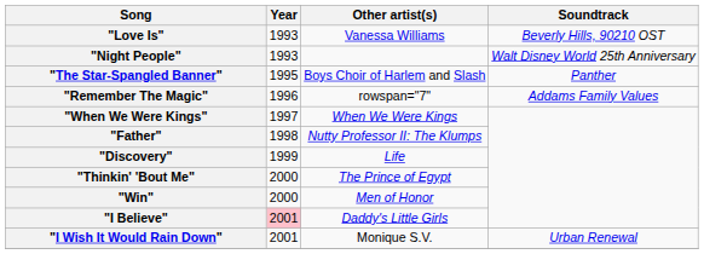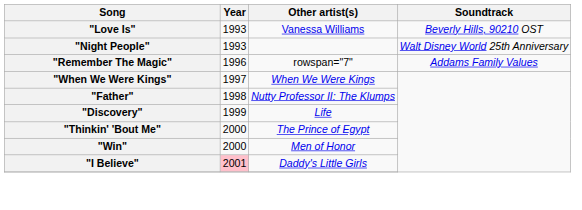 <table class="wikitable plainrowheaders" style="text-align: center">
 <tr>
 <th scope="col" style="width:20em;">Song</th>
 <th scope="col">Year</th>
 <th scope="col">Other artist(s)</th>
 <th scope="col">Soundtrack</th>
 </tr>
 <tr>
 <th scope="row">"Love Is"</th>
 <td>1993</td>
 <td><a href='#'>Vanessa Williams</a></td>
 <td><em><a href='#'>Beverly Hills, 90210</a> OST</em></td>
 </tr>
 <tr>
 <th scope="row">"Night People"</th>
 <td>1993</td>
 <td></td>
 <td><em><a href='#'>Walt Disney World</a> 25th Anniversary</em></td>
-</tr>
-<tr>
-<th scope="row">"<a href='#'>The Star-Spangled Banner</a>"</th>
-<td>1995</td>
-<td><a href='#'>Boys Choir of Harlem</a> and <a href='#'>Slash</a></td>
-<td><em><a href='#'>Panther</a></em></td>
 </tr>
 <tr>
 <th scope="row">"Remember The Magic"</th>
 <td>1996</td>
 <td>rowspan="7" </td>
 <td><em><a href='#'>Addams Family Values</a></em></td>
 </tr>
 <tr>
 <th scope="row">"When We Were Kings"</th>
 <td>1997</td>
 <td><em><a href='#'>When We Were Kings</a></em></td>
 </tr>
 <tr>
 <th scope="row">"Father"</th>
 <td>1998</td>
 <td><em><a href='#'>Nutty Professor II: The Klumps</a></em></td>
 </tr>
 <tr>
 <th scope="row">"Discovery"</th>
 <td>1999</td>
 <td><em><a href='#'>Life</a></em></td>
 </tr>
 <tr>
 <th scope="row">"Thinkin' 'Bout Me"</th>
 <td>2000</td>
 <td><em><a href='#'>The Prince of Egypt</a></em></td>
 </tr>
 <tr>
 <th scope="row">"Win"</th>
 <td>2000</td>
 <td><em><a href='#'>Men of Honor</a></em></td>
 </tr>
 <tr>
 <th scope="row">"I Believe"</th>
 <td style="background: pink;">2001</td>
 <td><em><a href='#'>Daddy's Little Girls</a></em></td>
 </tr>
 <tr>
-<th scope="row">"<a href='#'>I Wish It Would Rain Down</a>"</th>
-<td>2001</td>
-<td>Monique S.V.</td>
-<td><em><a href='#'>Urban Renewal</a></em></td>
-</tr>
-<tr>
 </tr>
 </table>
